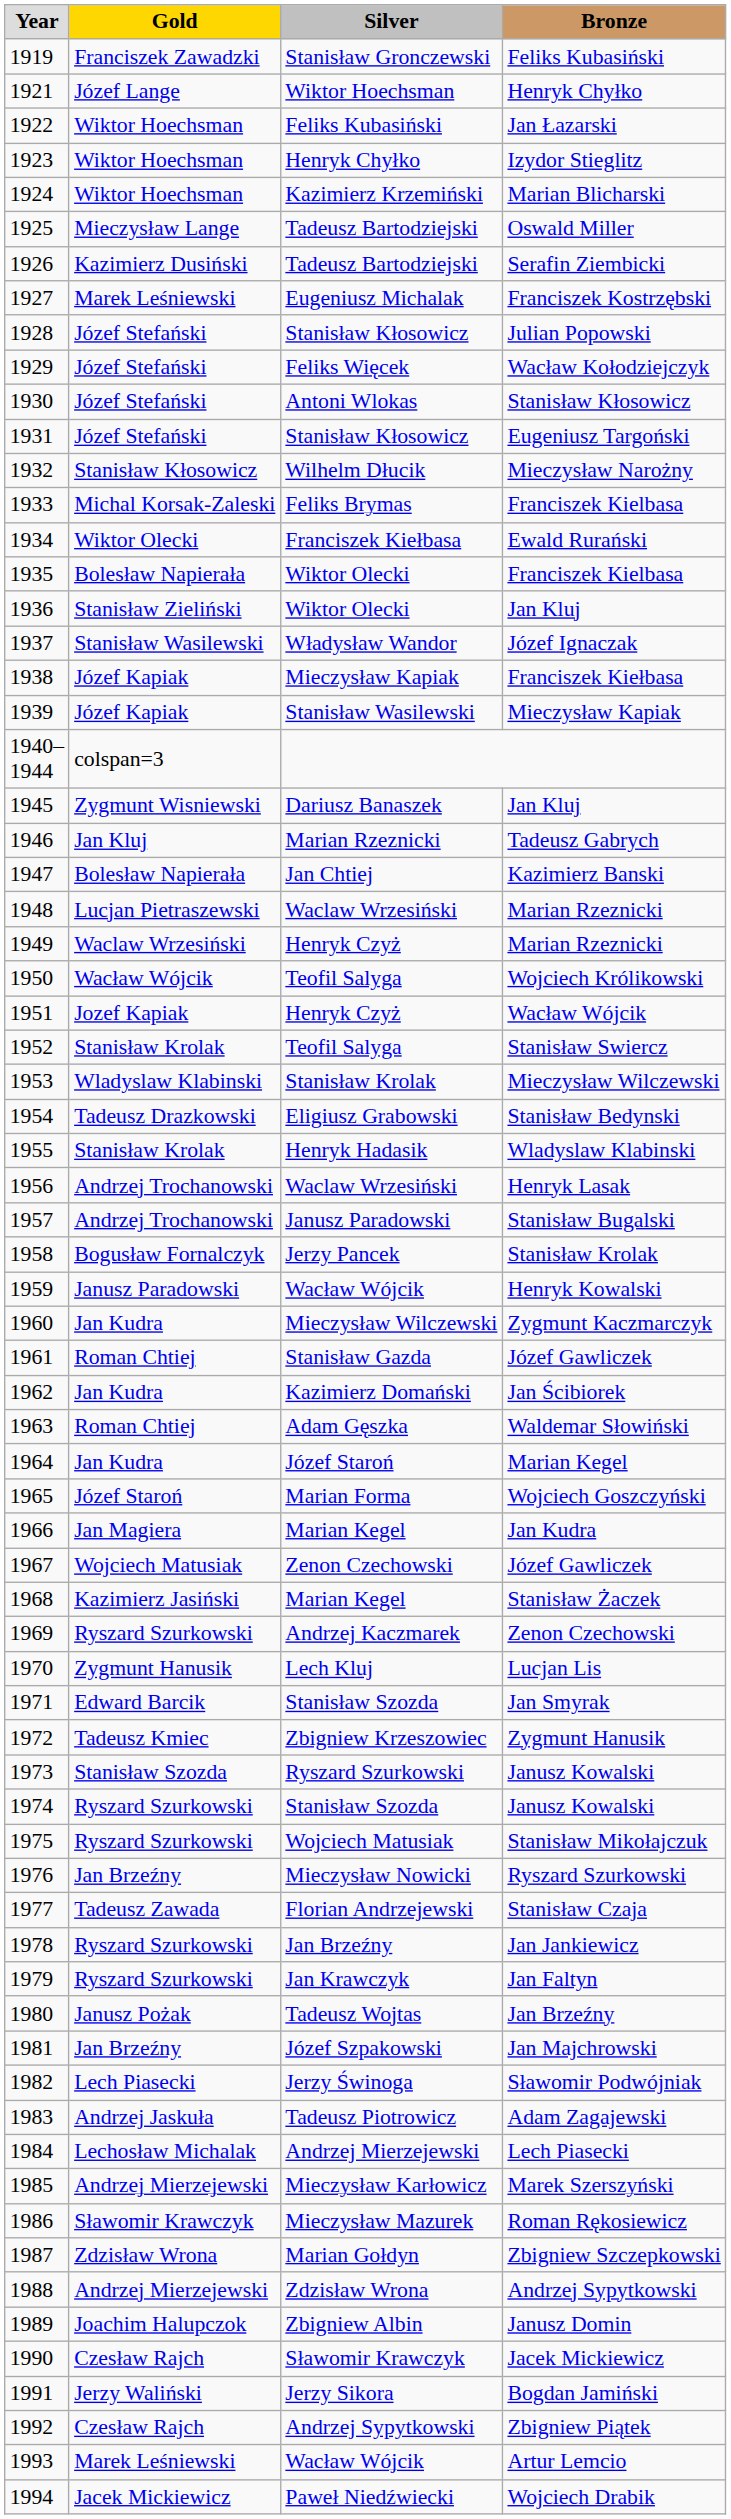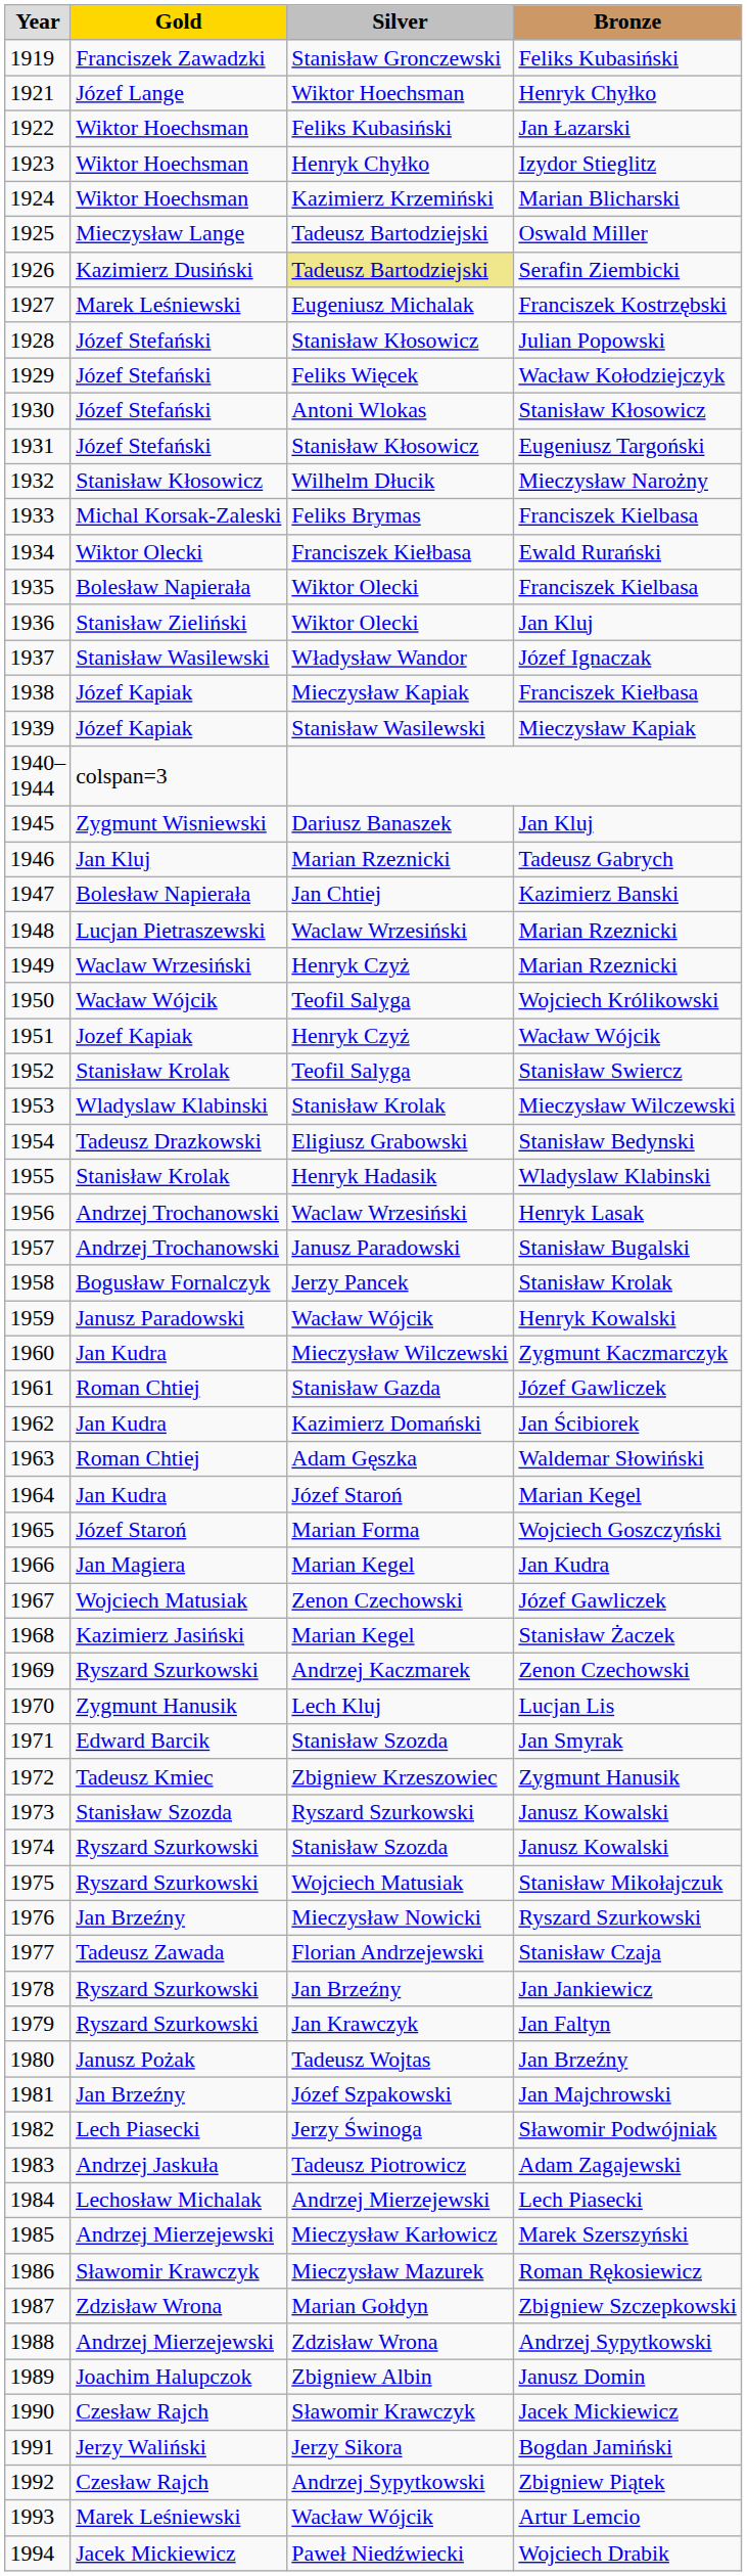 <table class="wikitable" style="text-align:left;">
 <tr>
 <td style="background:#DDDDDD; font-weight:bold; text-align:center;">Year</td>
 <td style="background:gold; font-weight:bold; text-align:center;">Gold</td>
 <td style="background:silver; font-weight:bold; text-align:center;">Silver</td>
 <td style="background:#cc9966; font-weight:bold; text-align:center;">Bronze</td>
 </tr>
 <tr>
 <td>1919</td>
 <td><a href='#'>Franciszek Zawadzki</a></td>
 <td><a href='#'>Stanisław Gronczewski</a></td>
 <td><a href='#'>Feliks Kubasiński</a></td>
 </tr>
 <tr>
 <td>1921</td>
 <td><a href='#'>Józef Lange</a></td>
 <td><a href='#'>Wiktor Hoechsman</a></td>
 <td><a href='#'>Henryk Chyłko</a></td>
 </tr>
 <tr>
 <td>1922</td>
 <td><a href='#'>Wiktor Hoechsman</a></td>
 <td><a href='#'>Feliks Kubasiński</a></td>
 <td><a href='#'>Jan Łazarski</a></td>
 </tr>
 <tr>
 <td>1923</td>
 <td><a href='#'>Wiktor Hoechsman</a></td>
 <td><a href='#'>Henryk Chyłko</a></td>
 <td><a href='#'>Izydor Stieglitz</a></td>
 </tr>
 <tr>
 <td>1924</td>
 <td><a href='#'>Wiktor Hoechsman</a></td>
 <td><a href='#'>Kazimierz Krzemiński</a></td>
 <td><a href='#'>Marian Blicharski</a></td>
 </tr>
 <tr>
 <td>1925</td>
 <td><a href='#'>Mieczysław Lange</a></td>
 <td><a href='#'>Tadeusz Bartodziejski</a></td>
 <td><a href='#'>Oswald Miller</a></td>
 </tr>
 <tr>
 <td>1926</td>
 <td><a href='#'>Kazimierz Dusiński</a></td>
-<td><a href='#'>Tadeusz Bartodziejski</a></td>
+<td style="background: khaki;"><a href='#'>Tadeusz Bartodziejski</a></td>
 <td><a href='#'>Serafin Ziembicki</a></td>
 </tr>
 <tr>
 <td>1927</td>
 <td><a href='#'>Marek Leśniewski</a></td>
 <td><a href='#'>Eugeniusz Michalak</a></td>
 <td><a href='#'>Franciszek Kostrzębski</a></td>
 </tr>
 <tr>
 <td>1928</td>
 <td><a href='#'>Józef Stefański</a></td>
 <td><a href='#'>Stanisław Kłosowicz</a></td>
 <td><a href='#'>Julian Popowski</a></td>
 </tr>
 <tr>
 <td>1929</td>
 <td><a href='#'>Józef Stefański</a></td>
 <td><a href='#'>Feliks Więcek</a></td>
 <td><a href='#'>Wacław Kołodziejczyk</a></td>
 </tr>
 <tr>
 <td>1930</td>
 <td><a href='#'>Józef Stefański</a></td>
 <td><a href='#'>Antoni Wlokas</a></td>
 <td><a href='#'>Stanisław Kłosowicz</a></td>
 </tr>
 <tr>
 <td>1931</td>
 <td><a href='#'>Józef Stefański</a></td>
 <td><a href='#'>Stanisław Kłosowicz</a></td>
 <td><a href='#'>Eugeniusz Targoński</a></td>
 </tr>
 <tr>
 <td>1932</td>
 <td><a href='#'>Stanisław Kłosowicz</a></td>
 <td><a href='#'>Wilhelm Dłucik</a></td>
 <td><a href='#'>Mieczysław Narożny</a></td>
 </tr>
 <tr>
 <td>1933</td>
 <td><a href='#'>Michal Korsak-Zaleski</a></td>
 <td><a href='#'>Feliks Brymas</a></td>
 <td><a href='#'>Franciszek Kielbasa</a></td>
 </tr>
 <tr>
 <td>1934</td>
 <td><a href='#'>Wiktor Olecki</a></td>
 <td><a href='#'>Franciszek Kiełbasa</a></td>
 <td><a href='#'>Ewald Rurański</a></td>
 </tr>
 <tr>
 <td>1935</td>
 <td><a href='#'>Bolesław Napierała</a></td>
 <td><a href='#'>Wiktor Olecki</a></td>
 <td><a href='#'>Franciszek Kielbasa</a></td>
 </tr>
 <tr>
 <td>1936</td>
 <td><a href='#'>Stanisław Zieliński</a></td>
 <td><a href='#'>Wiktor Olecki</a></td>
 <td><a href='#'>Jan Kluj</a></td>
 </tr>
 <tr>
 <td>1937</td>
 <td><a href='#'>Stanisław Wasilewski</a></td>
 <td><a href='#'>Władysław Wandor</a></td>
 <td><a href='#'>Józef Ignaczak</a></td>
 </tr>
 <tr>
 <td>1938</td>
 <td><a href='#'>Józef Kapiak</a></td>
 <td><a href='#'>Mieczysław Kapiak</a></td>
 <td><a href='#'>Franciszek Kiełbasa</a></td>
 </tr>
 <tr>
 <td>1939</td>
 <td><a href='#'>Józef Kapiak</a></td>
 <td><a href='#'>Stanisław Wasilewski</a></td>
 <td><a href='#'>Mieczysław Kapiak</a></td>
 </tr>
 <tr>
 <td>1940–<br>1944</td>
 <td>colspan=3 </td>
 </tr>
 <tr>
 <td>1945</td>
 <td><a href='#'>Zygmunt Wisniewski</a></td>
 <td><a href='#'>Dariusz Banaszek</a></td>
 <td><a href='#'>Jan Kluj</a></td>
 </tr>
 <tr>
 <td>1946</td>
 <td><a href='#'>Jan Kluj</a></td>
 <td><a href='#'>Marian Rzeznicki</a></td>
 <td><a href='#'>Tadeusz Gabrych</a></td>
 </tr>
 <tr>
 <td>1947</td>
 <td><a href='#'>Bolesław Napierała</a></td>
 <td><a href='#'>Jan Chtiej</a></td>
 <td><a href='#'>Kazimierz Banski</a></td>
 </tr>
 <tr>
 <td>1948</td>
 <td><a href='#'>Lucjan Pietraszewski</a></td>
 <td><a href='#'>Waclaw Wrzesiński</a></td>
 <td><a href='#'>Marian Rzeznicki</a></td>
 </tr>
 <tr>
 <td>1949</td>
 <td><a href='#'>Waclaw Wrzesiński</a></td>
 <td><a href='#'>Henryk Czyż</a></td>
 <td><a href='#'>Marian Rzeznicki</a></td>
 </tr>
 <tr>
 <td>1950</td>
 <td><a href='#'>Wacław Wójcik</a></td>
 <td><a href='#'>Teofil Salyga</a></td>
 <td><a href='#'>Wojciech Królikowski</a></td>
 </tr>
 <tr>
 <td>1951</td>
 <td><a href='#'>Jozef Kapiak</a></td>
 <td><a href='#'>Henryk Czyż</a></td>
 <td><a href='#'>Wacław Wójcik</a></td>
 </tr>
 <tr>
 <td>1952</td>
 <td><a href='#'>Stanisław Krolak</a></td>
 <td><a href='#'>Teofil Salyga</a></td>
 <td><a href='#'>Stanisław Swiercz</a></td>
 </tr>
 <tr>
 <td>1953</td>
 <td><a href='#'>Wladyslaw Klabinski</a></td>
 <td><a href='#'>Stanisław Krolak</a></td>
 <td><a href='#'>Mieczysław Wilczewski</a></td>
 </tr>
 <tr>
 <td>1954</td>
 <td><a href='#'>Tadeusz Drazkowski</a></td>
 <td><a href='#'>Eligiusz Grabowski</a></td>
 <td><a href='#'>Stanisław Bedynski</a></td>
 </tr>
 <tr>
 <td>1955</td>
 <td><a href='#'>Stanisław Krolak</a></td>
 <td><a href='#'>Henryk Hadasik</a></td>
 <td><a href='#'>Wladyslaw Klabinski</a></td>
 </tr>
 <tr>
 <td>1956</td>
 <td><a href='#'>Andrzej Trochanowski</a></td>
 <td><a href='#'>Waclaw Wrzesiński</a></td>
 <td><a href='#'>Henryk Lasak</a></td>
 </tr>
 <tr>
 <td>1957</td>
 <td><a href='#'>Andrzej Trochanowski</a></td>
 <td><a href='#'>Janusz Paradowski</a></td>
 <td><a href='#'>Stanisław Bugalski</a></td>
 </tr>
 <tr>
 <td>1958</td>
 <td><a href='#'>Bogusław Fornalczyk</a></td>
 <td><a href='#'>Jerzy Pancek</a></td>
 <td><a href='#'>Stanisław Krolak</a></td>
 </tr>
 <tr>
 <td>1959</td>
 <td><a href='#'>Janusz Paradowski</a></td>
 <td><a href='#'>Wacław Wójcik</a></td>
 <td><a href='#'>Henryk Kowalski</a></td>
 </tr>
 <tr>
 <td>1960</td>
 <td><a href='#'>Jan Kudra</a></td>
 <td><a href='#'>Mieczysław Wilczewski</a></td>
 <td><a href='#'>Zygmunt Kaczmarczyk</a></td>
 </tr>
 <tr>
 <td>1961</td>
 <td><a href='#'>Roman Chtiej</a></td>
 <td><a href='#'>Stanisław Gazda</a></td>
 <td><a href='#'>Józef Gawliczek</a></td>
 </tr>
 <tr>
 <td>1962</td>
 <td><a href='#'>Jan Kudra</a></td>
 <td><a href='#'>Kazimierz Domański</a></td>
 <td><a href='#'>Jan Ścibiorek</a></td>
 </tr>
 <tr>
 <td>1963</td>
 <td><a href='#'>Roman Chtiej</a></td>
 <td><a href='#'>Adam Gęszka</a></td>
 <td><a href='#'>Waldemar Słowiński</a></td>
 </tr>
 <tr>
 <td>1964</td>
 <td><a href='#'>Jan Kudra</a></td>
 <td><a href='#'>Józef Staroń</a></td>
 <td><a href='#'>Marian Kegel</a></td>
 </tr>
 <tr>
 <td>1965</td>
 <td><a href='#'>Józef Staroń</a></td>
 <td><a href='#'>Marian Forma</a></td>
 <td><a href='#'>Wojciech Goszczyński</a></td>
 </tr>
 <tr>
 <td>1966</td>
 <td><a href='#'>Jan Magiera</a></td>
 <td><a href='#'>Marian Kegel</a></td>
 <td><a href='#'>Jan Kudra</a></td>
 </tr>
 <tr>
 <td>1967</td>
 <td><a href='#'>Wojciech Matusiak</a></td>
 <td><a href='#'>Zenon Czechowski</a></td>
 <td><a href='#'>Józef Gawliczek</a></td>
 </tr>
 <tr>
 <td>1968</td>
 <td><a href='#'>Kazimierz Jasiński</a></td>
 <td><a href='#'>Marian Kegel</a></td>
 <td><a href='#'>Stanisław Żaczek</a></td>
 </tr>
 <tr>
 <td>1969</td>
 <td><a href='#'>Ryszard Szurkowski</a></td>
 <td><a href='#'>Andrzej Kaczmarek</a></td>
 <td><a href='#'>Zenon Czechowski</a></td>
 </tr>
 <tr>
 <td>1970</td>
 <td><a href='#'>Zygmunt Hanusik</a></td>
 <td><a href='#'>Lech Kluj</a></td>
 <td><a href='#'>Lucjan Lis</a></td>
 </tr>
 <tr>
 <td>1971</td>
 <td><a href='#'>Edward Barcik</a></td>
 <td><a href='#'>Stanisław Szozda</a></td>
 <td><a href='#'>Jan Smyrak</a></td>
 </tr>
 <tr>
 <td>1972</td>
 <td><a href='#'>Tadeusz Kmiec</a></td>
 <td><a href='#'>Zbigniew Krzeszowiec</a></td>
 <td><a href='#'>Zygmunt Hanusik</a></td>
 </tr>
 <tr>
 <td>1973</td>
 <td><a href='#'>Stanisław Szozda</a></td>
 <td><a href='#'>Ryszard Szurkowski</a></td>
 <td><a href='#'>Janusz Kowalski</a></td>
 </tr>
 <tr>
 <td>1974</td>
 <td><a href='#'>Ryszard Szurkowski</a></td>
 <td><a href='#'>Stanisław Szozda</a></td>
 <td><a href='#'>Janusz Kowalski</a></td>
 </tr>
 <tr>
 <td>1975</td>
 <td><a href='#'>Ryszard Szurkowski</a></td>
 <td><a href='#'>Wojciech Matusiak</a></td>
 <td><a href='#'>Stanisław Mikołajczuk</a></td>
 </tr>
 <tr>
 <td>1976</td>
 <td><a href='#'>Jan Brzeźny</a></td>
 <td><a href='#'>Mieczysław Nowicki</a></td>
 <td><a href='#'>Ryszard Szurkowski</a></td>
 </tr>
 <tr>
 <td>1977</td>
 <td><a href='#'>Tadeusz Zawada</a></td>
 <td><a href='#'>Florian Andrzejewski</a></td>
 <td><a href='#'>Stanisław Czaja</a></td>
 </tr>
 <tr>
 <td>1978</td>
 <td><a href='#'>Ryszard Szurkowski</a></td>
 <td><a href='#'>Jan Brzeźny</a></td>
 <td><a href='#'>Jan Jankiewicz</a></td>
 </tr>
 <tr>
 <td>1979</td>
 <td><a href='#'>Ryszard Szurkowski</a></td>
 <td><a href='#'>Jan Krawczyk</a></td>
 <td><a href='#'>Jan Faltyn</a></td>
 </tr>
 <tr>
 <td>1980</td>
 <td><a href='#'>Janusz Pożak</a></td>
 <td><a href='#'>Tadeusz Wojtas</a></td>
 <td><a href='#'>Jan Brzeźny</a></td>
 </tr>
 <tr>
 <td>1981</td>
 <td><a href='#'>Jan Brzeźny</a></td>
 <td><a href='#'>Józef Szpakowski</a></td>
 <td><a href='#'>Jan Majchrowski</a></td>
 </tr>
 <tr>
 <td>1982</td>
 <td><a href='#'>Lech Piasecki</a></td>
 <td><a href='#'>Jerzy Świnoga</a></td>
 <td><a href='#'>Sławomir Podwójniak</a></td>
 </tr>
 <tr>
 <td>1983</td>
 <td><a href='#'>Andrzej Jaskuła</a></td>
 <td><a href='#'>Tadeusz Piotrowicz</a></td>
 <td><a href='#'>Adam Zagajewski</a></td>
 </tr>
 <tr>
 <td>1984</td>
 <td><a href='#'>Lechosław Michalak</a></td>
 <td><a href='#'>Andrzej Mierzejewski</a></td>
 <td><a href='#'>Lech Piasecki</a></td>
 </tr>
 <tr>
 <td>1985</td>
 <td><a href='#'>Andrzej Mierzejewski</a></td>
 <td><a href='#'>Mieczysław Karłowicz</a></td>
 <td><a href='#'>Marek Szerszyński</a></td>
 </tr>
 <tr>
 <td>1986</td>
 <td><a href='#'>Sławomir Krawczyk</a></td>
 <td><a href='#'>Mieczysław Mazurek</a></td>
 <td><a href='#'>Roman Rękosiewicz</a></td>
 </tr>
 <tr>
 <td>1987</td>
 <td><a href='#'>Zdzisław Wrona</a></td>
 <td><a href='#'>Marian Gołdyn</a></td>
 <td><a href='#'>Zbigniew Szczepkowski</a></td>
 </tr>
 <tr>
 <td>1988</td>
 <td><a href='#'>Andrzej Mierzejewski</a></td>
 <td><a href='#'>Zdzisław Wrona</a></td>
 <td><a href='#'>Andrzej Sypytkowski</a></td>
 </tr>
 <tr>
 <td>1989</td>
 <td><a href='#'>Joachim Halupczok</a></td>
 <td><a href='#'>Zbigniew Albin</a></td>
 <td><a href='#'>Janusz Domin</a></td>
 </tr>
 <tr>
 <td>1990</td>
 <td><a href='#'>Czesław Rajch</a></td>
 <td><a href='#'>Sławomir Krawczyk</a></td>
 <td><a href='#'>Jacek Mickiewicz</a></td>
 </tr>
 <tr>
 <td>1991</td>
 <td><a href='#'>Jerzy Waliński</a></td>
 <td><a href='#'>Jerzy Sikora</a></td>
 <td><a href='#'>Bogdan Jamiński</a></td>
 </tr>
 <tr>
 <td>1992</td>
 <td><a href='#'>Czesław Rajch</a></td>
 <td><a href='#'>Andrzej Sypytkowski</a></td>
 <td><a href='#'>Zbigniew Piątek</a></td>
 </tr>
 <tr>
 <td>1993</td>
 <td><a href='#'>Marek Leśniewski</a></td>
 <td><a href='#'>Wacław Wójcik</a></td>
 <td><a href='#'>Artur Lemcio</a></td>
 </tr>
 <tr>
 <td>1994</td>
 <td><a href='#'>Jacek Mickiewicz</a></td>
 <td><a href='#'>Paweł Niedźwiecki</a></td>
 <td><a href='#'>Wojciech Drabik</a></td>
 </tr>
 </table>
